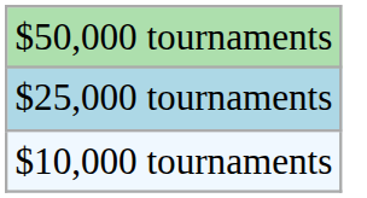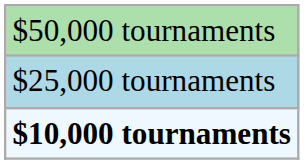 <table class="wikitable" style="font-size:85%;">
 <tr style="background:#addfad;">
 <td>$50,000 tournaments</td>
 </tr>
 <tr style="background:lightblue;">
 <td>$25,000 tournaments</td>
 </tr>
 <tr style="background:#f0f8ff;">
-<td>$10,000 tournaments</td>
+<td><strong>$10,000 tournaments</strong></td>
 </tr>
 </table>
